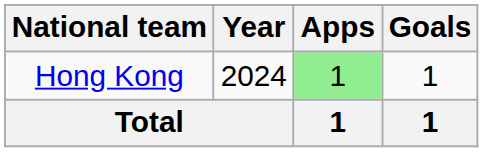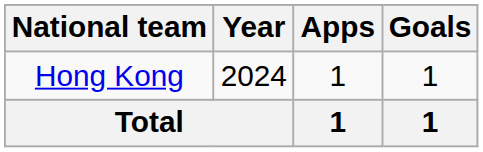 <table class="wikitable" style="text-align:center">
 <tr>
 <th>National team</th>
 <th>Year</th>
 <th>Apps</th>
 <th>Goals</th>
 </tr>
 <tr>
 <td><a href='#'>Hong Kong</a></td>
 <td>2024</td>
-<td style="background: lightgreen;">1</td>
+<td>1</td>
 <td>1</td>
 </tr>
 <tr>
 <th colspan="2">Total</th>
 <th>1</th>
 <th>1</th>
 </tr>
 </table>
